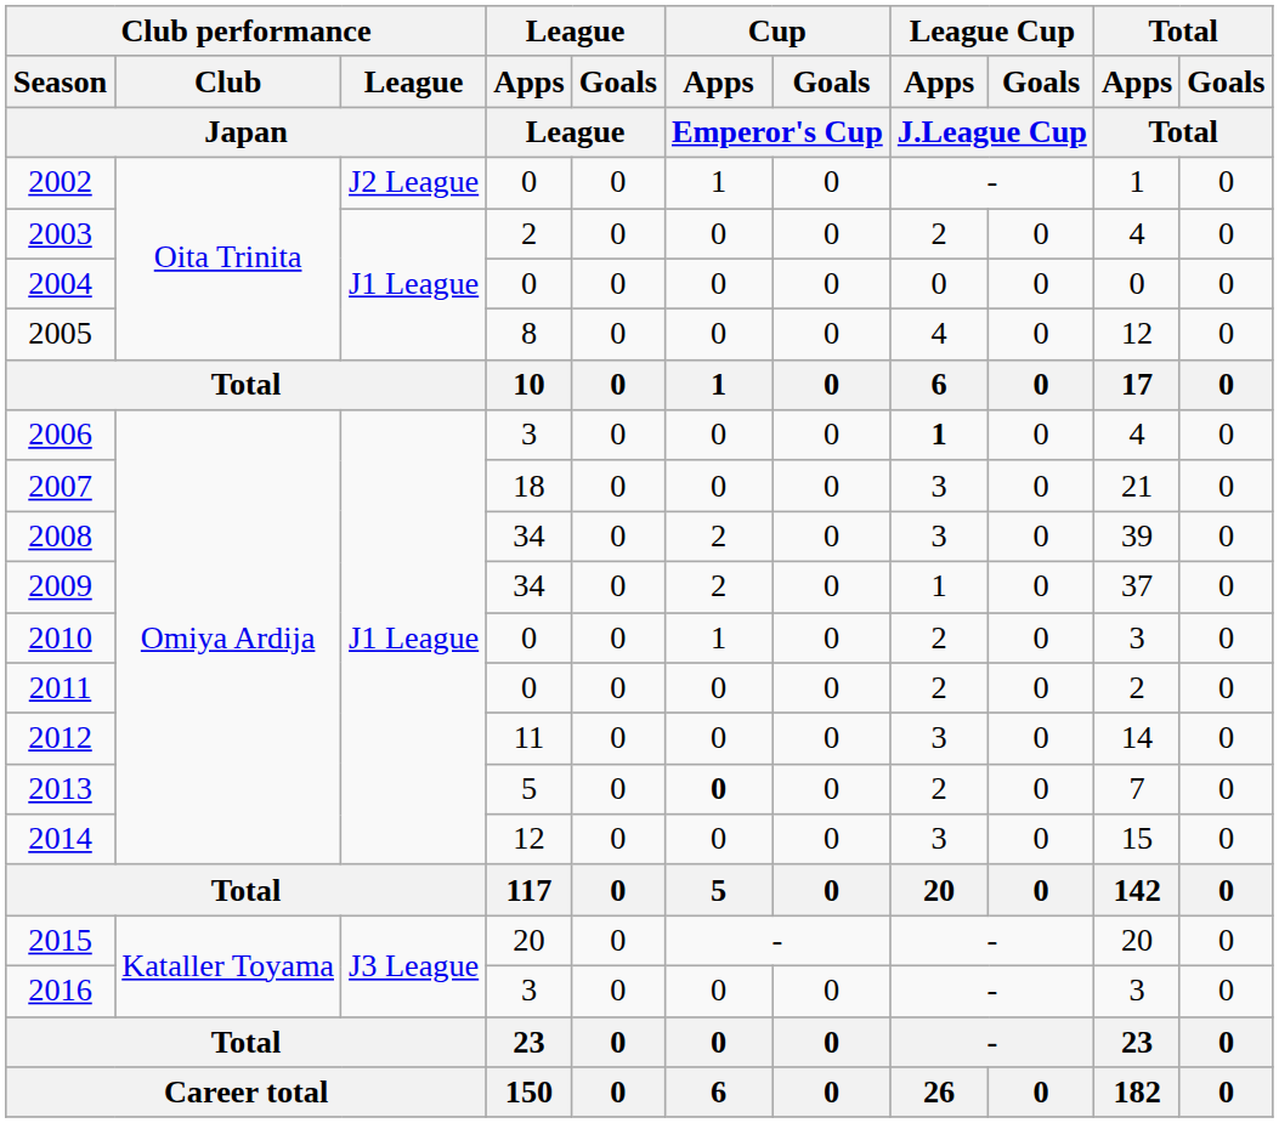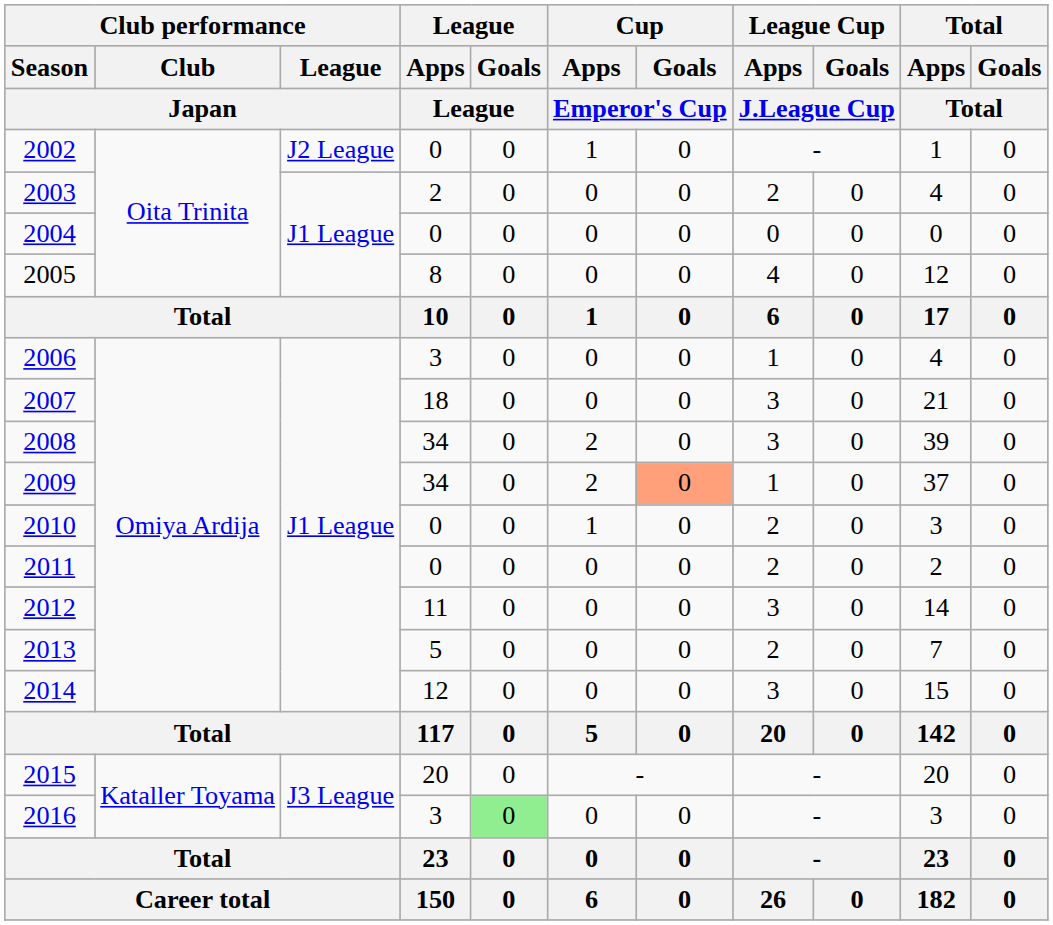 <table class="wikitable" style="text-align:center">
 <tr>
 <th colspan=3>Club performance</th>
 <th colspan=2>League</th>
 <th colspan=2>Cup</th>
 <th colspan=2>League Cup</th>
 <th colspan=2>Total</th>
 </tr>
 <tr>
 <th>Season</th>
 <th>Club</th>
 <th>League</th>
 <th>Apps</th>
 <th>Goals</th>
 <th>Apps</th>
 <th>Goals</th>
 <th>Apps</th>
 <th>Goals</th>
 <th>Apps</th>
 <th>Goals</th>
 </tr>
 <tr>
 <th colspan=3>Japan</th>
 <th colspan=2>League</th>
 <th colspan=2><a href='#'>Emperor's Cup</a></th>
 <th colspan=2><a href='#'>J.League Cup</a></th>
 <th colspan=2>Total</th>
 </tr>
 <tr>
 <td><a href='#'>2002</a></td>
 <td rowspan="4"><a href='#'>Oita Trinita</a></td>
 <td><a href='#'>J2 League</a></td>
 <td>0</td>
 <td>0</td>
 <td>1</td>
 <td>0</td>
 <td colspan="2">-</td>
 <td>1</td>
 <td>0</td>
 </tr>
 <tr>
 <td><a href='#'>2003</a></td>
 <td rowspan="3"><a href='#'>J1 League</a></td>
 <td>2</td>
 <td>0</td>
 <td>0</td>
 <td>0</td>
 <td>2</td>
 <td>0</td>
 <td>4</td>
 <td>0</td>
 </tr>
 <tr>
 <td><a href='#'>2004</a></td>
 <td>0</td>
 <td>0</td>
 <td>0</td>
 <td>0</td>
 <td>0</td>
 <td>0</td>
 <td>0</td>
 <td>0</td>
 </tr>
 <tr>
 <td>2005</td>
 <td>8</td>
 <td>0</td>
 <td>0</td>
 <td>0</td>
 <td>4</td>
 <td>0</td>
 <td>12</td>
 <td>0</td>
 </tr>
 <tr>
 <th colspan="3">Total</th>
 <th>10</th>
 <th>0</th>
 <th>1</th>
 <th>0</th>
 <th>6</th>
 <th>0</th>
 <th>17</th>
 <th>0</th>
 </tr>
 <tr>
 <td><a href='#'>2006</a></td>
 <td rowspan="9"><a href='#'>Omiya Ardija</a></td>
 <td rowspan="9"><a href='#'>J1 League</a></td>
 <td>3</td>
 <td>0</td>
 <td>0</td>
 <td>0</td>
-<td><strong>1</strong></td>
+<td>1</td>
 <td>0</td>
 <td>4</td>
 <td>0</td>
 </tr>
 <tr>
 <td><a href='#'>2007</a></td>
 <td>18</td>
 <td>0</td>
 <td>0</td>
 <td>0</td>
 <td>3</td>
 <td>0</td>
 <td>21</td>
 <td>0</td>
 </tr>
 <tr>
 <td><a href='#'>2008</a></td>
 <td>34</td>
 <td>0</td>
 <td>2</td>
 <td>0</td>
 <td>3</td>
 <td>0</td>
 <td>39</td>
 <td>0</td>
 </tr>
 <tr>
 <td><a href='#'>2009</a></td>
 <td>34</td>
 <td>0</td>
 <td>2</td>
-<td>0</td>
+<td style="background: lightsalmon;">0</td>
 <td>1</td>
 <td>0</td>
 <td>37</td>
 <td>0</td>
 </tr>
 <tr>
 <td><a href='#'>2010</a></td>
 <td>0</td>
 <td>0</td>
 <td>1</td>
 <td>0</td>
 <td>2</td>
 <td>0</td>
 <td>3</td>
 <td>0</td>
 </tr>
 <tr>
 <td><a href='#'>2011</a></td>
 <td>0</td>
 <td>0</td>
 <td>0</td>
 <td>0</td>
 <td>2</td>
 <td>0</td>
 <td>2</td>
 <td>0</td>
 </tr>
 <tr>
 <td><a href='#'>2012</a></td>
 <td>11</td>
 <td>0</td>
 <td>0</td>
 <td>0</td>
 <td>3</td>
 <td>0</td>
 <td>14</td>
 <td>0</td>
 </tr>
 <tr>
 <td><a href='#'>2013</a></td>
 <td>5</td>
 <td>0</td>
-<td><strong>0</strong></td>
+<td>0</td>
 <td>0</td>
 <td>2</td>
 <td>0</td>
 <td>7</td>
 <td>0</td>
 </tr>
 <tr>
 <td><a href='#'>2014</a></td>
 <td>12</td>
 <td>0</td>
 <td>0</td>
 <td>0</td>
 <td>3</td>
 <td>0</td>
 <td>15</td>
 <td>0</td>
 </tr>
 <tr>
 <th colspan="3">Total</th>
 <th>117</th>
 <th>0</th>
 <th>5</th>
 <th>0</th>
 <th>20</th>
 <th>0</th>
 <th>142</th>
 <th>0</th>
 </tr>
 <tr>
 <td><a href='#'>2015</a></td>
 <td rowspan="2"><a href='#'>Kataller Toyama</a></td>
 <td rowspan="2"><a href='#'>J3 League</a></td>
 <td>20</td>
 <td>0</td>
 <td colspan="2">-</td>
 <td colspan="2">-</td>
 <td>20</td>
 <td>0</td>
 </tr>
 <tr>
 <td><a href='#'>2016</a></td>
 <td>3</td>
-<td>0</td>
+<td style="background: lightgreen;">0</td>
 <td>0</td>
 <td>0</td>
 <td colspan="2">-</td>
 <td>3</td>
 <td>0</td>
 </tr>
 <tr>
 <th colspan="3">Total</th>
 <th>23</th>
 <th>0</th>
 <th>0</th>
 <th>0</th>
 <th colspan="2">-</th>
 <th>23</th>
 <th>0</th>
 </tr>
 <tr>
 <th colspan=3>Career total</th>
 <th>150</th>
 <th>0</th>
 <th>6</th>
 <th>0</th>
 <th>26</th>
 <th>0</th>
 <th>182</th>
 <th>0</th>
 </tr>
 </table>
